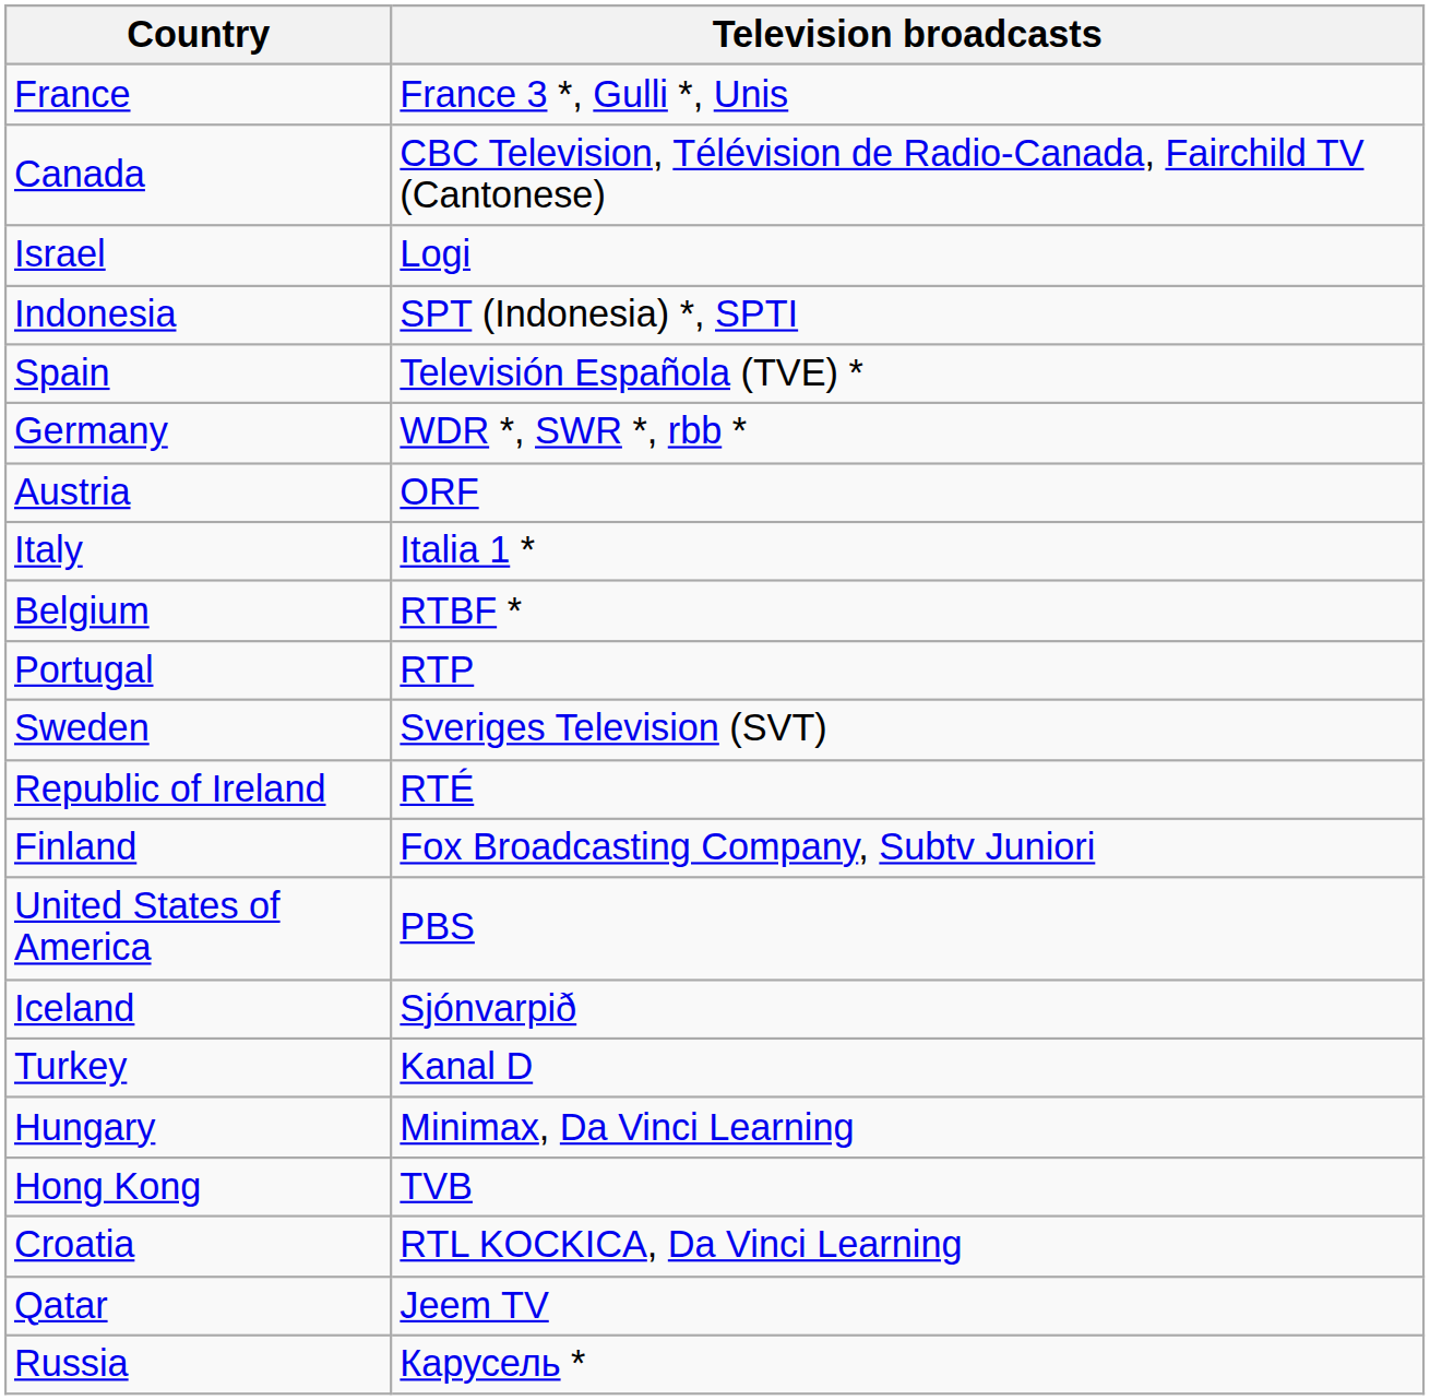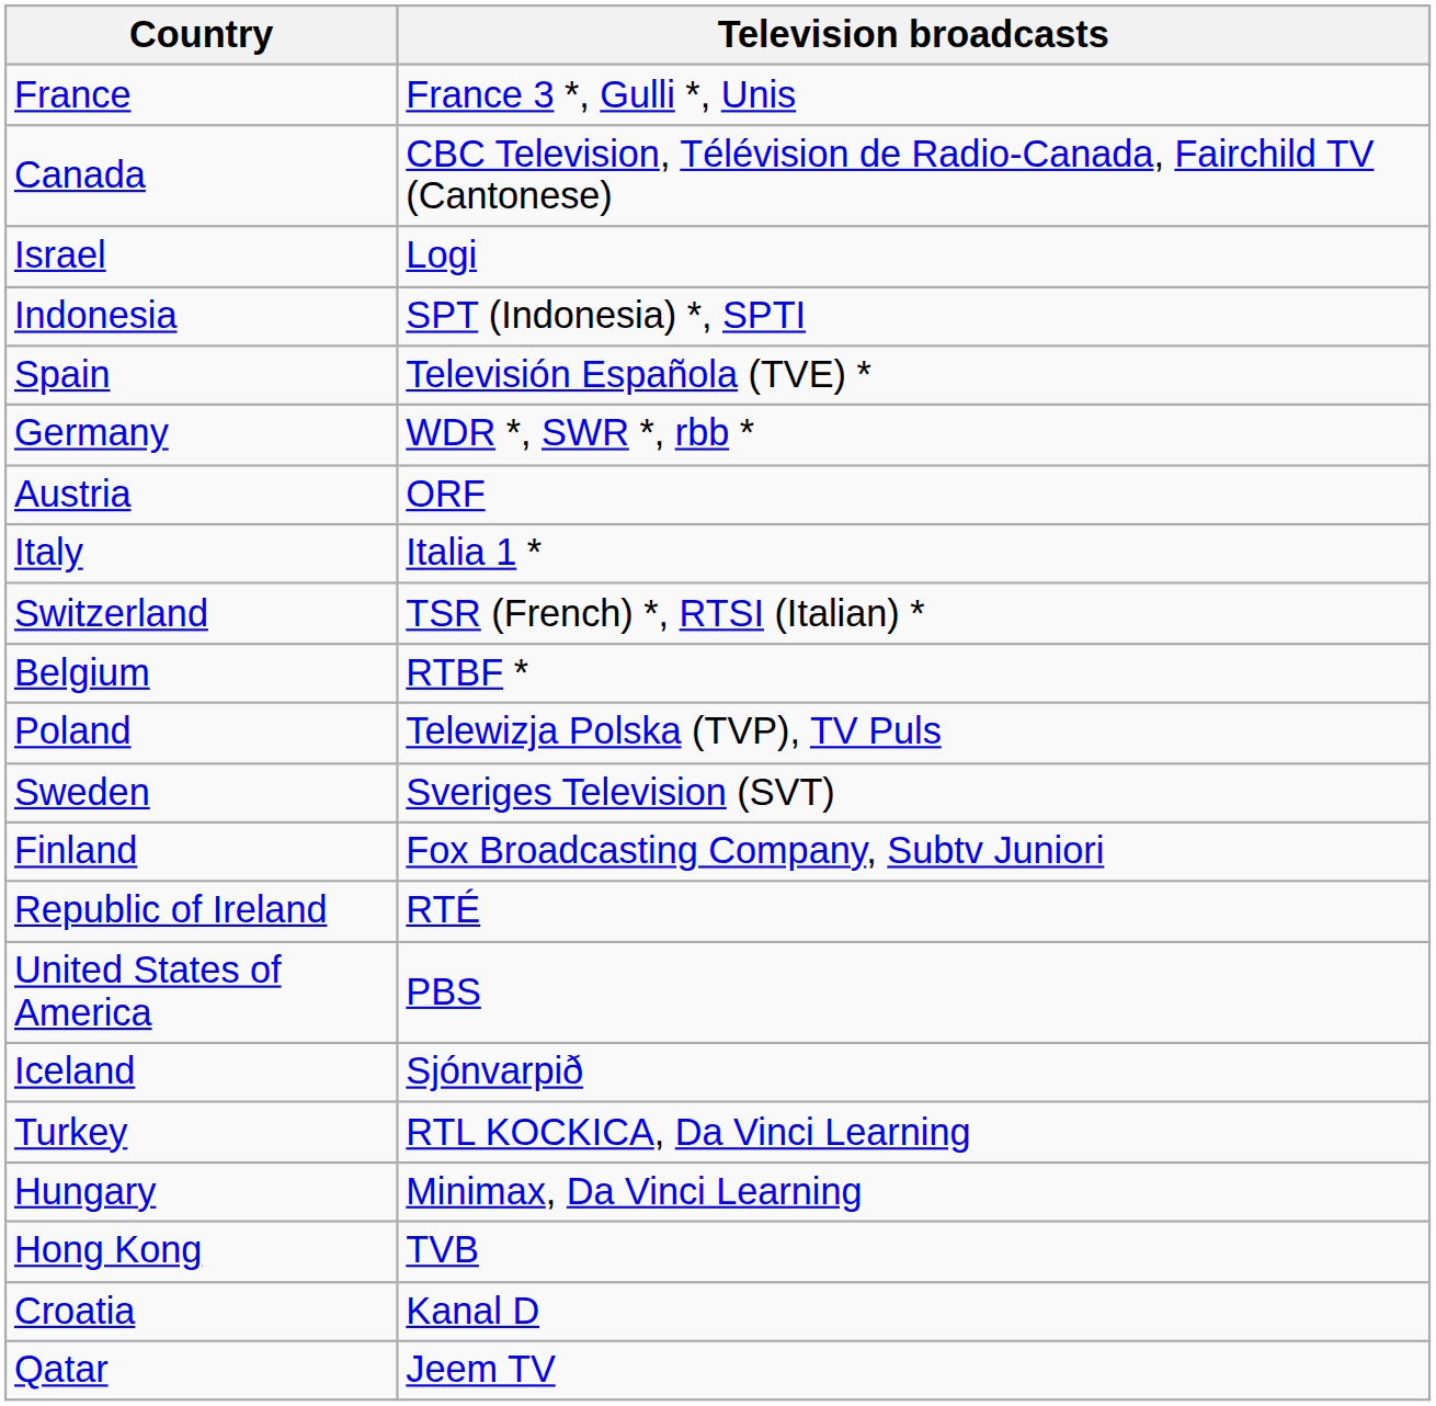 <table class="wikitable">
 <tr bgcolor="#CCCCCC">
 <th>Country</th>
 <th>Television broadcasts</th>
 </tr>
 <tr>
 <td> <a href='#'>France</a></td>
 <td><a href='#'>France 3</a> *, <a href='#'>Gulli</a> *, <a href='#'>Unis</a></td>
 </tr>
 <tr>
 <td> <a href='#'>Canada</a></td>
 <td><a href='#'>CBC Television</a>, <a href='#'>Télévision de Radio-Canada</a>, <a href='#'>Fairchild TV</a> (Cantonese)</td>
 </tr>
 <tr>
 <td> <a href='#'>Israel</a></td>
 <td><a href='#'>Logi</a></td>
 </tr>
 <tr>
 <td> <a href='#'>Indonesia</a></td>
 <td><a href='#'>SPT</a> (Indonesia) *, <a href='#'>SPTI</a></td>
 </tr>
 <tr>
 <td> <a href='#'>Spain</a></td>
 <td><a href='#'>Televisión Española</a> (TVE) *</td>
 </tr>
 <tr>
 <td> <a href='#'>Germany</a></td>
 <td><a href='#'>WDR</a> *, <a href='#'>SWR</a> *, <a href='#'>rbb</a> *</td>
 </tr>
 <tr>
 <td> <a href='#'>Austria</a></td>
 <td><a href='#'>ORF</a></td>
 </tr>
 <tr>
 <td> <a href='#'>Italy</a></td>
 <td><a href='#'>Italia 1</a> *</td>
 </tr>
 <tr>
+<td> <a href='#'>Switzerland</a></td>
+<td><a href='#'>TSR</a> (French) *, <a href='#'>RTSI</a> (Italian) *</td>
+</tr>
+<tr>
 <td> <a href='#'>Belgium</a></td>
 <td><a href='#'>RTBF</a> *</td>
 </tr>
 <tr>
-<td> <a href='#'>Portugal</a></td>
-<td><a href='#'>RTP</a></td>
+<td> <a href='#'>Poland</a></td>
+<td><a href='#'>Telewizja Polska</a> (TVP), <a href='#'>TV Puls</a></td>
 </tr>
 <tr>
 <td> <a href='#'>Sweden</a></td>
 <td><a href='#'>Sveriges Television</a> (SVT)</td>
 </tr>
 <tr>
+<td> <a href='#'>Finland</a></td>
+<td><a href='#'>Fox Broadcasting Company</a>, <a href='#'>Subtv Juniori</a></td>
+</tr>
+<tr>
 <td> <a href='#'>Republic of Ireland</a></td>
 <td><a href='#'>RTÉ</a></td>
-</tr>
-<tr>
-<td> <a href='#'>Finland</a></td>
-<td><a href='#'>Fox Broadcasting Company</a>, <a href='#'>Subtv Juniori</a></td>
 </tr>
 <tr>
 <td> <a href='#'>United States of America</a></td>
 <td><a href='#'>PBS</a></td>
 </tr>
 <tr>
 <td> <a href='#'>Iceland</a></td>
 <td><a href='#'>Sjónvarpið</a></td>
 </tr>
 <tr>
 <td> <a href='#'>Turkey</a></td>
-<td><a href='#'>Kanal D</a></td>
+<td><a href='#'>RTL KOCKICA</a>, <a href='#'>Da Vinci Learning</a></td>
 </tr>
 <tr>
 <td> <a href='#'>Hungary</a></td>
 <td><a href='#'>Minimax</a>, <a href='#'>Da Vinci Learning</a></td>
 </tr>
 <tr>
 <td> <a href='#'>Hong Kong</a></td>
 <td><a href='#'>TVB</a></td>
 </tr>
 <tr>
 <td> <a href='#'>Croatia</a></td>
-<td><a href='#'>RTL KOCKICA</a>, <a href='#'>Da Vinci Learning</a></td>
+<td><a href='#'>Kanal D</a></td>
 </tr>
 <tr>
 <td> <a href='#'>Qatar</a></td>
 <td><a href='#'>Jeem TV</a></td>
 </tr>
-<tr>
-<td> <a href='#'>Russia</a></td>
-<td><a href='#'>Карусель</a> *</td>
-</tr>
 </table>
